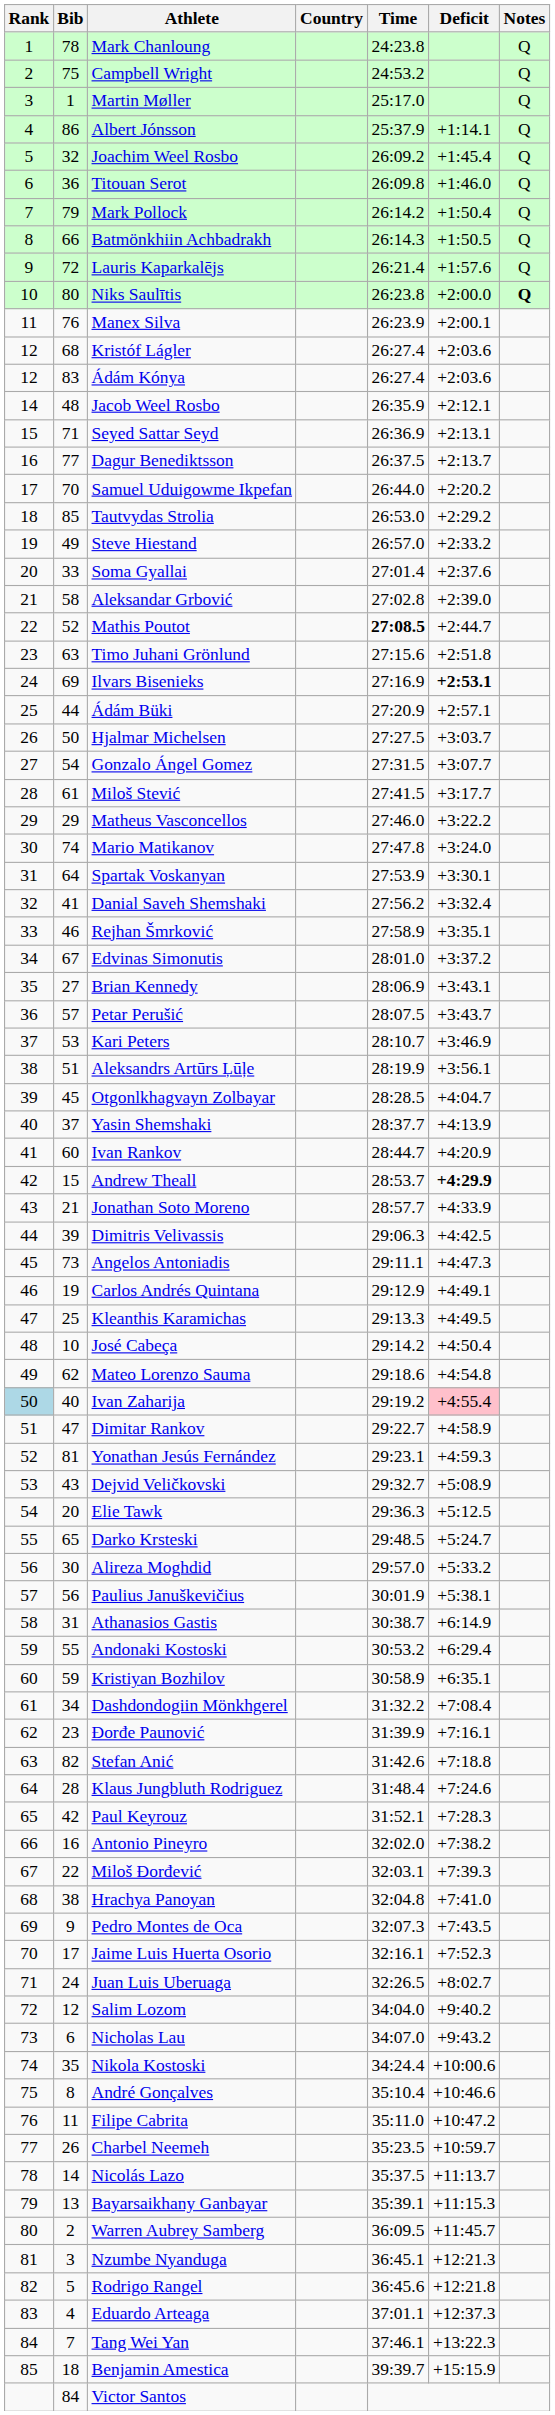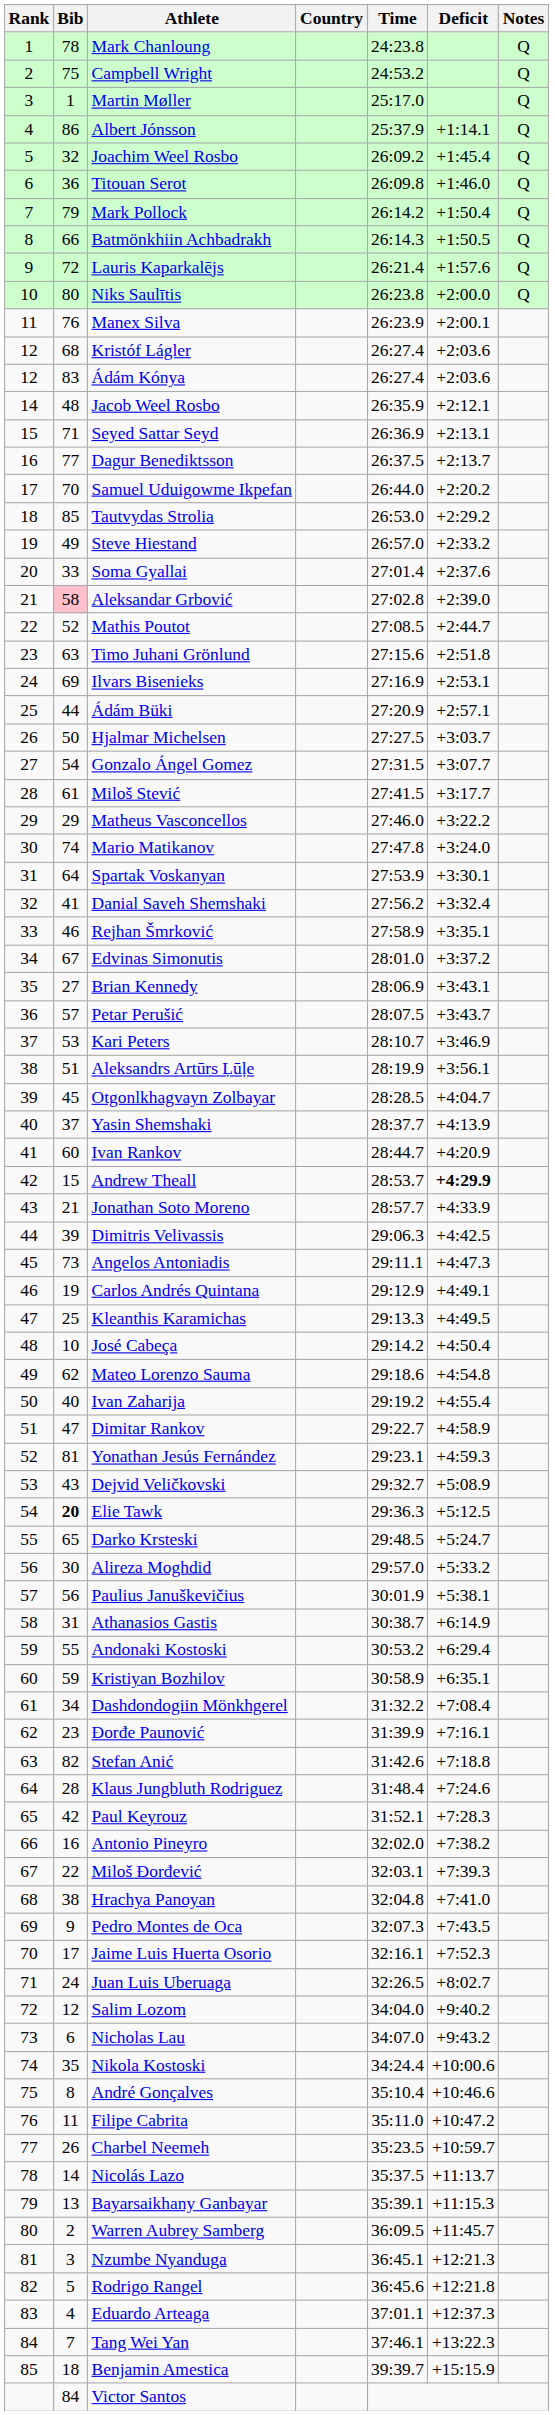 <table class="wikitable sortable" style="text-align:center">
 <tr>
 <th>Rank</th>
 <th>Bib</th>
 <th>Athlete</th>
 <th>Country</th>
 <th>Time</th>
 <th>Deficit</th>
 <th>Notes</th>
 </tr>
 <tr bgcolor=ccffcc>
 <td>1</td>
 <td>78</td>
 <td align=left><a href='#'>Mark Chanloung</a></td>
 <td align=left></td>
 <td>24:23.8</td>
 <td></td>
 <td>Q</td>
 </tr>
 <tr bgcolor=ccffcc>
 <td>2</td>
 <td>75</td>
 <td align=left><a href='#'>Campbell Wright</a></td>
 <td align=left></td>
 <td>24:53.2</td>
 <td></td>
 <td>Q</td>
 </tr>
 <tr bgcolor=ccffcc>
 <td>3</td>
 <td>1</td>
 <td align=left><a href='#'>Martin Møller</a></td>
 <td align=left></td>
 <td>25:17.0</td>
 <td></td>
 <td>Q</td>
 </tr>
 <tr bgcolor=ccffcc>
 <td>4</td>
 <td>86</td>
 <td align=left><a href='#'>Albert Jónsson</a></td>
 <td align=left></td>
 <td>25:37.9</td>
 <td>+1:14.1</td>
 <td>Q</td>
 </tr>
 <tr bgcolor=ccffcc>
 <td>5</td>
 <td>32</td>
 <td align=left><a href='#'>Joachim Weel Rosbo</a></td>
 <td align=left></td>
 <td>26:09.2</td>
 <td>+1:45.4</td>
 <td>Q</td>
 </tr>
 <tr bgcolor=ccffcc>
 <td>6</td>
 <td>36</td>
 <td align=left><a href='#'>Titouan Serot</a></td>
 <td align=left></td>
 <td>26:09.8</td>
 <td>+1:46.0</td>
 <td>Q</td>
 </tr>
 <tr bgcolor=ccffcc>
 <td>7</td>
 <td>79</td>
 <td align=left><a href='#'>Mark Pollock</a></td>
 <td align=left></td>
 <td>26:14.2</td>
 <td>+1:50.4</td>
 <td>Q</td>
 </tr>
 <tr bgcolor=ccffcc>
 <td>8</td>
 <td>66</td>
 <td align=left><a href='#'>Batmönkhiin Achbadrakh</a></td>
 <td align=left></td>
 <td>26:14.3</td>
 <td>+1:50.5</td>
 <td>Q</td>
 </tr>
 <tr bgcolor=ccffcc>
 <td>9</td>
 <td>72</td>
 <td align=left><a href='#'>Lauris Kaparkalējs</a></td>
 <td align=left></td>
 <td>26:21.4</td>
 <td>+1:57.6</td>
 <td>Q</td>
 </tr>
 <tr bgcolor=ccffcc>
 <td>10</td>
 <td>80</td>
 <td align=left><a href='#'>Niks Saulītis</a></td>
 <td align=left></td>
 <td>26:23.8</td>
 <td>+2:00.0</td>
-<td><strong>Q</strong></td>
+<td>Q</td>
 </tr>
 <tr>
 <td>11</td>
 <td>76</td>
 <td align=left><a href='#'>Manex Silva</a></td>
 <td align=left></td>
 <td>26:23.9</td>
 <td>+2:00.1</td>
 <td></td>
 </tr>
 <tr>
 <td>12</td>
 <td>68</td>
 <td align=left><a href='#'>Kristóf Lágler</a></td>
 <td align=left></td>
 <td>26:27.4</td>
 <td>+2:03.6</td>
 <td></td>
 </tr>
 <tr>
 <td>12</td>
 <td>83</td>
 <td align=left><a href='#'>Ádám Kónya</a></td>
 <td align=left></td>
 <td>26:27.4</td>
 <td>+2:03.6</td>
 <td></td>
 </tr>
 <tr>
 <td>14</td>
 <td>48</td>
 <td align=left><a href='#'>Jacob Weel Rosbo</a></td>
 <td align=left></td>
 <td>26:35.9</td>
 <td>+2:12.1</td>
 <td></td>
 </tr>
 <tr>
 <td>15</td>
 <td>71</td>
 <td align=left><a href='#'>Seyed Sattar Seyd</a></td>
 <td align=left></td>
 <td>26:36.9</td>
 <td>+2:13.1</td>
 <td></td>
 </tr>
 <tr>
 <td>16</td>
 <td>77</td>
 <td align=left><a href='#'>Dagur Benediktsson</a></td>
 <td align=left></td>
 <td>26:37.5</td>
 <td>+2:13.7</td>
 <td></td>
 </tr>
 <tr>
 <td>17</td>
 <td>70</td>
 <td align=left><a href='#'>Samuel Uduigowme Ikpefan</a></td>
 <td align=left></td>
 <td>26:44.0</td>
 <td>+2:20.2</td>
 <td></td>
 </tr>
 <tr>
 <td>18</td>
 <td>85</td>
 <td align=left><a href='#'>Tautvydas Strolia</a></td>
 <td align=left></td>
 <td>26:53.0</td>
 <td>+2:29.2</td>
 <td></td>
 </tr>
 <tr>
 <td>19</td>
 <td>49</td>
 <td align=left><a href='#'>Steve Hiestand</a></td>
 <td align=left></td>
 <td>26:57.0</td>
 <td>+2:33.2</td>
 <td></td>
 </tr>
 <tr>
 <td>20</td>
 <td>33</td>
 <td align=left><a href='#'>Soma Gyallai</a></td>
 <td align=left></td>
 <td>27:01.4</td>
 <td>+2:37.6</td>
 <td></td>
 </tr>
 <tr>
 <td>21</td>
-<td>58</td>
+<td style="background: pink;">58</td>
 <td align=left><a href='#'>Aleksandar Grbović</a></td>
 <td align=left></td>
 <td>27:02.8</td>
 <td>+2:39.0</td>
 <td></td>
 </tr>
 <tr>
 <td>22</td>
 <td>52</td>
 <td align=left><a href='#'>Mathis Poutot</a></td>
 <td align=left></td>
-<td><strong>27:08.5</strong></td>
+<td>27:08.5</td>
 <td>+2:44.7</td>
 <td></td>
 </tr>
 <tr>
 <td>23</td>
 <td>63</td>
 <td align=left><a href='#'>Timo Juhani Grönlund</a></td>
 <td align=left></td>
 <td>27:15.6</td>
 <td>+2:51.8</td>
 <td></td>
 </tr>
 <tr>
 <td>24</td>
 <td>69</td>
 <td align=left><a href='#'>Ilvars Bisenieks</a></td>
 <td align=left></td>
 <td>27:16.9</td>
-<td><strong>+2:53.1</strong></td>
+<td>+2:53.1</td>
 <td></td>
 </tr>
 <tr>
 <td>25</td>
 <td>44</td>
 <td align=left><a href='#'>Ádám Büki</a></td>
 <td align=left></td>
 <td>27:20.9</td>
 <td>+2:57.1</td>
 <td></td>
 </tr>
 <tr>
 <td>26</td>
 <td>50</td>
 <td align=left><a href='#'>Hjalmar Michelsen</a></td>
 <td align=left></td>
 <td>27:27.5</td>
 <td>+3:03.7</td>
 <td></td>
 </tr>
 <tr>
 <td>27</td>
 <td>54</td>
 <td align=left><a href='#'>Gonzalo Ángel Gomez</a></td>
 <td align=left></td>
 <td>27:31.5</td>
 <td>+3:07.7</td>
 <td></td>
 </tr>
 <tr>
 <td>28</td>
 <td>61</td>
 <td align=left><a href='#'>Miloš Stević</a></td>
 <td align=left></td>
 <td>27:41.5</td>
 <td>+3:17.7</td>
 <td></td>
 </tr>
 <tr>
 <td>29</td>
 <td>29</td>
 <td align=left><a href='#'>Matheus Vasconcellos</a></td>
 <td align=left></td>
 <td>27:46.0</td>
 <td>+3:22.2</td>
 <td></td>
 </tr>
 <tr>
 <td>30</td>
 <td>74</td>
 <td align=left><a href='#'>Mario Matikanov</a></td>
 <td align=left></td>
 <td>27:47.8</td>
 <td>+3:24.0</td>
 <td></td>
 </tr>
 <tr>
 <td>31</td>
 <td>64</td>
 <td align=left><a href='#'>Spartak Voskanyan</a></td>
 <td align=left></td>
 <td>27:53.9</td>
 <td>+3:30.1</td>
 <td></td>
 </tr>
 <tr>
 <td>32</td>
 <td>41</td>
 <td align=left><a href='#'>Danial Saveh Shemshaki</a></td>
 <td align=left></td>
 <td>27:56.2</td>
 <td>+3:32.4</td>
 <td></td>
 </tr>
 <tr>
 <td>33</td>
 <td>46</td>
 <td align=left><a href='#'>Rejhan Šmrković</a></td>
 <td align=left></td>
 <td>27:58.9</td>
 <td>+3:35.1</td>
 <td></td>
 </tr>
 <tr>
 <td>34</td>
 <td>67</td>
 <td align=left><a href='#'>Edvinas Simonutis</a></td>
 <td align=left></td>
 <td>28:01.0</td>
 <td>+3:37.2</td>
 <td></td>
 </tr>
 <tr>
 <td>35</td>
 <td>27</td>
 <td align=left><a href='#'>Brian Kennedy</a></td>
 <td align=left></td>
 <td>28:06.9</td>
 <td>+3:43.1</td>
 <td></td>
 </tr>
 <tr>
 <td>36</td>
 <td>57</td>
 <td align=left><a href='#'>Petar Perušić</a></td>
 <td align=left></td>
 <td>28:07.5</td>
 <td>+3:43.7</td>
 <td></td>
 </tr>
 <tr>
 <td>37</td>
 <td>53</td>
 <td align=left><a href='#'>Kari Peters</a></td>
 <td align=left></td>
 <td>28:10.7</td>
 <td>+3:46.9</td>
 <td></td>
 </tr>
 <tr>
 <td>38</td>
 <td>51</td>
 <td align=left><a href='#'>Aleksandrs Artūrs Ļūļe</a></td>
 <td align=left></td>
 <td>28:19.9</td>
 <td>+3:56.1</td>
 <td></td>
 </tr>
 <tr>
 <td>39</td>
 <td>45</td>
 <td align=left><a href='#'>Otgonlkhagvayn Zolbayar</a></td>
 <td align=left></td>
 <td>28:28.5</td>
 <td>+4:04.7</td>
 <td></td>
 </tr>
 <tr>
 <td>40</td>
 <td>37</td>
 <td align=left><a href='#'>Yasin Shemshaki</a></td>
 <td align=left></td>
 <td>28:37.7</td>
 <td>+4:13.9</td>
 <td></td>
 </tr>
 <tr>
 <td>41</td>
 <td>60</td>
 <td align=left><a href='#'>Ivan Rankov</a></td>
 <td align=left></td>
 <td>28:44.7</td>
 <td>+4:20.9</td>
 <td></td>
 </tr>
 <tr>
 <td>42</td>
 <td>15</td>
 <td align=left><a href='#'>Andrew Theall</a></td>
 <td align=left></td>
 <td>28:53.7</td>
 <td><strong>+4:29.9</strong></td>
 <td></td>
 </tr>
 <tr>
 <td>43</td>
 <td>21</td>
 <td align=left><a href='#'>Jonathan Soto Moreno</a></td>
 <td align=left></td>
 <td>28:57.7</td>
 <td>+4:33.9</td>
 <td></td>
 </tr>
 <tr>
 <td>44</td>
 <td>39</td>
 <td align=left><a href='#'>Dimitris Velivassis</a></td>
 <td align=left></td>
 <td>29:06.3</td>
 <td>+4:42.5</td>
 <td></td>
 </tr>
 <tr>
 <td>45</td>
 <td>73</td>
 <td align=left><a href='#'>Angelos Antoniadis</a></td>
 <td align=left></td>
 <td>29:11.1</td>
 <td>+4:47.3</td>
 <td></td>
 </tr>
 <tr>
 <td>46</td>
 <td>19</td>
 <td align=left><a href='#'>Carlos Andrés Quintana</a></td>
 <td align=left></td>
 <td>29:12.9</td>
 <td>+4:49.1</td>
 <td></td>
 </tr>
 <tr>
 <td>47</td>
 <td>25</td>
 <td align=left><a href='#'>Kleanthis Karamichas</a></td>
 <td align=left></td>
 <td>29:13.3</td>
 <td>+4:49.5</td>
 <td></td>
 </tr>
 <tr>
 <td>48</td>
 <td>10</td>
 <td align=left><a href='#'>José Cabeça</a></td>
 <td align=left></td>
 <td>29:14.2</td>
 <td>+4:50.4</td>
 <td></td>
 </tr>
 <tr>
 <td>49</td>
 <td>62</td>
 <td align=left><a href='#'>Mateo Lorenzo Sauma</a></td>
 <td align=left></td>
 <td>29:18.6</td>
 <td>+4:54.8</td>
 <td></td>
 </tr>
 <tr>
-<td style="background: lightblue;">50</td>
+<td>50</td>
 <td>40</td>
 <td align=left><a href='#'>Ivan Zaharija</a></td>
 <td align=left></td>
 <td>29:19.2</td>
-<td style="background: pink;">+4:55.4</td>
+<td>+4:55.4</td>
 <td></td>
 </tr>
 <tr>
 <td>51</td>
 <td>47</td>
 <td align=left><a href='#'>Dimitar Rankov</a></td>
 <td align=left></td>
 <td>29:22.7</td>
 <td>+4:58.9</td>
 <td></td>
 </tr>
 <tr>
 <td>52</td>
 <td>81</td>
 <td align=left><a href='#'>Yonathan Jesús Fernández</a></td>
 <td align=left></td>
 <td>29:23.1</td>
 <td>+4:59.3</td>
 <td></td>
 </tr>
 <tr>
 <td>53</td>
 <td>43</td>
 <td align=left><a href='#'>Dejvid Veličkovski</a></td>
 <td align=left></td>
 <td>29:32.7</td>
 <td>+5:08.9</td>
 <td></td>
 </tr>
 <tr>
 <td>54</td>
-<td>20</td>
+<td><strong>20</strong></td>
 <td align=left><a href='#'>Elie Tawk</a></td>
 <td align=left></td>
 <td>29:36.3</td>
 <td>+5:12.5</td>
 <td></td>
 </tr>
 <tr>
 <td>55</td>
 <td>65</td>
 <td align=left><a href='#'>Darko Krsteski</a></td>
 <td align=left></td>
 <td>29:48.5</td>
 <td>+5:24.7</td>
 <td></td>
 </tr>
 <tr>
 <td>56</td>
 <td>30</td>
 <td align=left><a href='#'>Alireza Moghdid</a></td>
 <td align=left></td>
 <td>29:57.0</td>
 <td>+5:33.2</td>
 <td></td>
 </tr>
 <tr>
 <td>57</td>
 <td>56</td>
 <td align=left><a href='#'>Paulius Januškevičius</a></td>
 <td align=left></td>
 <td>30:01.9</td>
 <td>+5:38.1</td>
 <td></td>
 </tr>
 <tr>
 <td>58</td>
 <td>31</td>
 <td align=left><a href='#'>Athanasios Gastis</a></td>
 <td align=left></td>
 <td>30:38.7</td>
 <td>+6:14.9</td>
 <td></td>
 </tr>
 <tr>
 <td>59</td>
 <td>55</td>
 <td align=left><a href='#'>Andonaki Kostoski</a></td>
 <td align=left></td>
 <td>30:53.2</td>
 <td>+6:29.4</td>
 <td></td>
 </tr>
 <tr>
 <td>60</td>
 <td>59</td>
 <td align=left><a href='#'>Kristiyan Bozhilov</a></td>
 <td align=left></td>
 <td>30:58.9</td>
 <td>+6:35.1</td>
 <td></td>
 </tr>
 <tr>
 <td>61</td>
 <td>34</td>
 <td align=left><a href='#'>Dashdondogiin Mönkhgerel</a></td>
 <td align=left></td>
 <td>31:32.2</td>
 <td>+7:08.4</td>
 <td></td>
 </tr>
 <tr>
 <td>62</td>
 <td>23</td>
 <td align=left><a href='#'>Đorđe Paunović</a></td>
 <td align=left></td>
 <td>31:39.9</td>
 <td>+7:16.1</td>
 <td></td>
 </tr>
 <tr>
 <td>63</td>
 <td>82</td>
 <td align=left><a href='#'>Stefan Anić</a></td>
 <td align=left></td>
 <td>31:42.6</td>
 <td>+7:18.8</td>
 <td></td>
 </tr>
 <tr>
 <td>64</td>
 <td>28</td>
 <td align=left><a href='#'>Klaus Jungbluth Rodriguez</a></td>
 <td align=left></td>
 <td>31:48.4</td>
 <td>+7:24.6</td>
 <td></td>
 </tr>
 <tr>
 <td>65</td>
 <td>42</td>
 <td align=left><a href='#'>Paul Keyrouz</a></td>
 <td align=left></td>
 <td>31:52.1</td>
 <td>+7:28.3</td>
 <td></td>
 </tr>
 <tr>
 <td>66</td>
 <td>16</td>
 <td align=left><a href='#'>Antonio Pineyro</a></td>
 <td align=left></td>
 <td>32:02.0</td>
 <td>+7:38.2</td>
 <td></td>
 </tr>
 <tr>
 <td>67</td>
 <td>22</td>
 <td align=left><a href='#'>Miloš Đorđević</a></td>
 <td align=left></td>
 <td>32:03.1</td>
 <td>+7:39.3</td>
 <td></td>
 </tr>
 <tr>
 <td>68</td>
 <td>38</td>
 <td align=left><a href='#'>Hrachya Panoyan</a></td>
 <td align=left></td>
 <td>32:04.8</td>
 <td>+7:41.0</td>
 <td></td>
 </tr>
 <tr>
 <td>69</td>
 <td>9</td>
 <td align=left><a href='#'>Pedro Montes de Oca</a></td>
 <td align=left></td>
 <td>32:07.3</td>
 <td>+7:43.5</td>
 <td></td>
 </tr>
 <tr>
 <td>70</td>
 <td>17</td>
 <td align=left><a href='#'>Jaime Luis Huerta Osorio</a></td>
 <td align=left></td>
 <td>32:16.1</td>
 <td>+7:52.3</td>
 <td></td>
 </tr>
 <tr>
 <td>71</td>
 <td>24</td>
 <td align=left><a href='#'>Juan Luis Uberuaga</a></td>
 <td align=left></td>
 <td>32:26.5</td>
 <td>+8:02.7</td>
 <td></td>
 </tr>
 <tr>
 <td>72</td>
 <td>12</td>
 <td align=left><a href='#'>Salim Lozom</a></td>
 <td align=left></td>
 <td>34:04.0</td>
 <td>+9:40.2</td>
 <td></td>
 </tr>
 <tr>
 <td>73</td>
 <td>6</td>
 <td align=left><a href='#'>Nicholas Lau</a></td>
 <td align=left></td>
 <td>34:07.0</td>
 <td>+9:43.2</td>
 <td></td>
 </tr>
 <tr>
 <td>74</td>
 <td>35</td>
 <td align=left><a href='#'>Nikola Kostoski</a></td>
 <td align=left></td>
 <td>34:24.4</td>
 <td>+10:00.6</td>
 <td></td>
 </tr>
 <tr>
 <td>75</td>
 <td>8</td>
 <td align=left><a href='#'>André Gonçalves</a></td>
 <td align=left></td>
 <td>35:10.4</td>
 <td>+10:46.6</td>
 <td></td>
 </tr>
 <tr>
 <td>76</td>
 <td>11</td>
 <td align=left><a href='#'>Filipe Cabrita</a></td>
 <td align=left></td>
 <td>35:11.0</td>
 <td>+10:47.2</td>
 <td></td>
 </tr>
 <tr>
 <td>77</td>
 <td>26</td>
 <td align=left><a href='#'>Charbel Neemeh</a></td>
 <td align=left></td>
 <td>35:23.5</td>
 <td>+10:59.7</td>
 <td></td>
 </tr>
 <tr>
 <td>78</td>
 <td>14</td>
 <td align=left><a href='#'>Nicolás Lazo</a></td>
 <td align=left></td>
 <td>35:37.5</td>
 <td>+11:13.7</td>
 <td></td>
 </tr>
 <tr>
 <td>79</td>
 <td>13</td>
 <td align=left><a href='#'>Bayarsaikhany Ganbayar</a></td>
 <td align=left></td>
 <td>35:39.1</td>
 <td>+11:15.3</td>
 <td></td>
 </tr>
 <tr>
 <td>80</td>
 <td>2</td>
 <td align=left><a href='#'>Warren Aubrey Samberg</a></td>
 <td align=left></td>
 <td>36:09.5</td>
 <td>+11:45.7</td>
 <td></td>
 </tr>
 <tr>
 <td>81</td>
 <td>3</td>
 <td align=left><a href='#'>Nzumbe Nyanduga</a></td>
 <td align=left></td>
 <td>36:45.1</td>
 <td>+12:21.3</td>
 <td></td>
 </tr>
 <tr>
 <td>82</td>
 <td>5</td>
 <td align=left><a href='#'>Rodrigo Rangel</a></td>
 <td align=left></td>
 <td>36:45.6</td>
 <td>+12:21.8</td>
 <td></td>
 </tr>
 <tr>
 <td>83</td>
 <td>4</td>
 <td align=left><a href='#'>Eduardo Arteaga</a></td>
 <td align=left></td>
 <td>37:01.1</td>
 <td>+12:37.3</td>
 <td></td>
 </tr>
 <tr>
 <td>84</td>
 <td>7</td>
 <td align=left><a href='#'>Tang Wei Yan</a></td>
 <td align=left></td>
 <td>37:46.1</td>
 <td>+13:22.3</td>
 <td></td>
 </tr>
 <tr>
 <td>85</td>
 <td>18</td>
 <td align=left><a href='#'>Benjamin Amestica</a></td>
 <td align=left></td>
 <td>39:39.7</td>
 <td>+15:15.9</td>
 <td></td>
 </tr>
 <tr>
 <td></td>
 <td>84</td>
 <td align=left><a href='#'>Victor Santos</a></td>
 <td align=left></td>
 <td colspan=3></td>
 </tr>
 </table>
